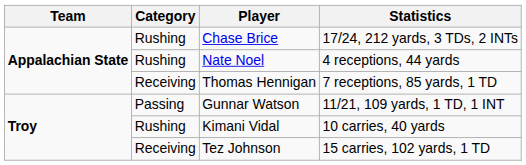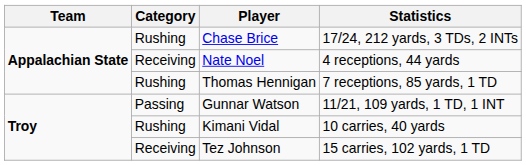 <table class="wikitable" style="float: left;">
 <tr>
 <th>Team</th>
 <th>Category</th>
 <th>Player</th>
 <th>Statistics</th>
 </tr>
 <tr>
 <td rowspan=3><strong>Appalachian State</strong></td>
 <td>Rushing</td>
 <td><a href='#'>Chase Brice</a></td>
 <td>17/24, 212 yards, 3 TDs, 2 INTs</td>
 </tr>
 <tr>
-<td>Rushing</td>
+<td>Receiving</td>
 <td><a href='#'>Nate Noel</a></td>
 <td>4 receptions, 44 yards</td>
 </tr>
 <tr>
-<td>Receiving</td>
+<td>Rushing</td>
 <td>Thomas Hennigan</td>
 <td>7 receptions, 85 yards, 1 TD</td>
 </tr>
 <tr>
 <td rowspan=3><strong>Troy</strong></td>
 <td>Passing</td>
 <td>Gunnar Watson</td>
 <td>11/21, 109 yards, 1 TD, 1 INT</td>
 </tr>
 <tr>
 <td>Rushing</td>
 <td>Kimani Vidal</td>
 <td>10 carries, 40 yards</td>
 </tr>
 <tr>
 <td>Receiving</td>
 <td>Tez Johnson</td>
 <td>15 carries, 102 yards, 1 TD</td>
 </tr>
 </table>
